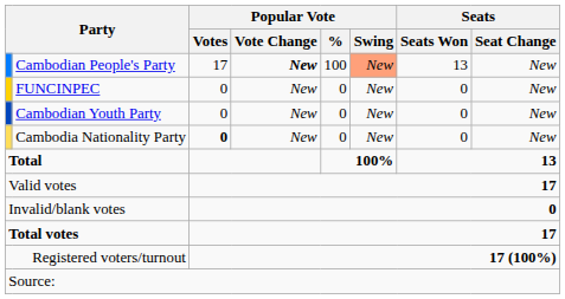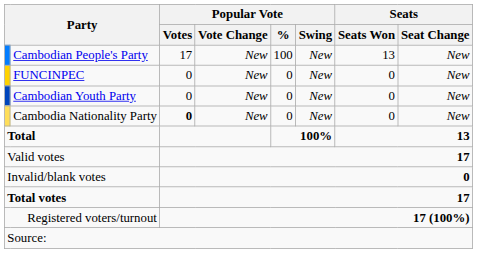 <table class="wikitable sortable" style="text-align:right">
 <tr>
 <th colspan="2" rowspan="2">Party</th>
 <th colspan="4">Popular Vote</th>
 <th colspan="2">Seats</th>
 </tr>
 <tr>
 <th>Votes</th>
 <th>Vote Change</th>
 <th>%</th>
 <th>Swing</th>
 <th>Seats Won</th>
 <th>Seat Change</th>
 </tr>
 <tr>
 <td bgcolor="#037DFF"></td>
 <td align="left"><a href='#'>Cambodian People's Party</a></td>
 <td>17</td>
-<td><strong><em>New</em></strong></td>
+<td><em>New</em></td>
 <td>100</td>
-<td style="background: lightsalmon;"><em>New</em></td>
+<td><em>New</em></td>
 <td>13</td>
 <td><em>New</em></td>
 </tr>
 <tr>
 <td bgcolor="#FFD200"></td>
 <td align="left"><a href='#'>FUNCINPEC</a></td>
 <td>0</td>
 <td><em>New</em></td>
 <td>0</td>
 <td><em>New</em></td>
 <td>0</td>
 <td><em>New</em></td>
 </tr>
 <tr>
 <td bgcolor="#0045bc"></td>
 <td align="left"><a href='#'>Cambodian Youth Party</a></td>
 <td>0</td>
 <td><em>New</em></td>
 <td>0</td>
 <td><em>New</em></td>
 <td>0</td>
 <td><em>New</em></td>
 </tr>
 <tr>
 <td bgcolor="#FFDE59"></td>
 <td align="left">Cambodia Nationality Party</td>
 <td><strong>0</strong></td>
 <td><em>New</em></td>
 <td>0</td>
 <td><em>New</em></td>
 <td>0</td>
 <td><em>New</em></td>
 </tr>
 <tr>
 <td colspan="2" style="text-align:left;"><strong>Total</strong></td>
 <td colspan="2"></td>
 <td colspan="2"><strong>100%</strong></td>
 <td colspan="2"><strong>13</strong></td>
 </tr>
 <tr>
 <td colspan="2" style="text-align:left;">Valid votes</td>
 <td colspan="6"><strong>17</strong></td>
 </tr>
 <tr>
 <td colspan="2" style="text-align:left;">Invalid/blank votes</td>
 <td colspan="6"><strong>0</strong></td>
 </tr>
 <tr>
 <td colspan="2" style="text-align:left;"><strong>Total votes</strong></td>
 <td colspan="6"><strong>17</strong></td>
 </tr>
 <tr>
 <td colspan="2">Registered voters/turnout</td>
 <td colspan="6"><strong>17 (100%)</strong></td>
 </tr>
 <tr>
 <td colspan="8" style="text-align:left;">Source: </td>
 </tr>
 </table>
